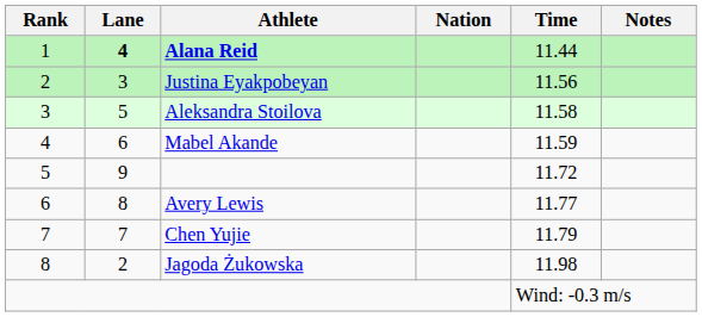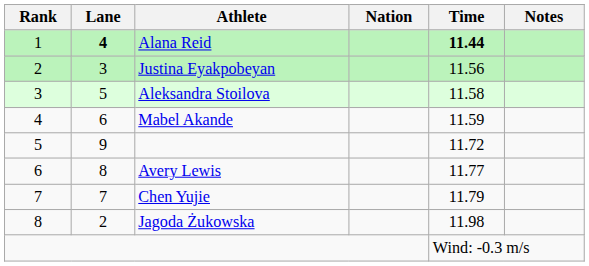 <table class="wikitable sortable" style="text-align:center;width: 65%;">
 <tr>
 <th scope="col">Rank</th>
 <th scope="col">Lane</th>
 <th scope="col">Athlete</th>
 <th scope="col">Nation</th>
 <th scope="col">Time</th>
 <th scope="col">Notes</th>
 </tr>
 <tr bgcolor=bbf3bb>
 <td>1</td>
 <td><strong>4</strong></td>
-<td align=left><strong><a href='#'>Alana Reid</a></strong></td>
+<td align=left><a href='#'>Alana Reid</a></td>
 <td align=left></td>
-<td>11.44</td>
+<td><strong>11.44</strong></td>
 <td></td>
 </tr>
 <tr bgcolor=bbf3bb>
 <td>2</td>
 <td>3</td>
 <td align=left><a href='#'>Justina Eyakpobeyan</a></td>
 <td align=left></td>
 <td>11.56</td>
 <td></td>
 </tr>
 <tr bgcolor=ddffdd>
 <td>3</td>
 <td>5</td>
 <td align=left><a href='#'>Aleksandra Stoilova</a></td>
 <td align=left></td>
 <td>11.58</td>
 <td></td>
 </tr>
 <tr>
 <td>4</td>
 <td>6</td>
 <td align=left><a href='#'>Mabel Akande</a></td>
 <td align=left></td>
 <td>11.59</td>
 <td></td>
 </tr>
 <tr>
 <td>5</td>
 <td>9</td>
 <td align=left></td>
 <td align=left></td>
 <td>11.72</td>
 <td></td>
 </tr>
 <tr>
 <td>6</td>
 <td>8</td>
 <td align=left><a href='#'>Avery Lewis</a></td>
 <td align=left></td>
 <td>11.77</td>
 <td></td>
 </tr>
 <tr>
 <td>7</td>
 <td>7</td>
 <td align=left><a href='#'>Chen Yujie</a></td>
 <td align=left></td>
 <td>11.79</td>
 <td></td>
 </tr>
 <tr>
 <td>8</td>
 <td>2</td>
 <td align=left><a href='#'>Jagoda Żukowska</a></td>
 <td align=left></td>
 <td>11.98</td>
 <td></td>
 </tr>
 <tr class="sortbottom">
 <td colspan="4"></td>
 <td colspan="2" style="text-align:left;">Wind: -0.3 m/s</td>
 </tr>
 </table>
